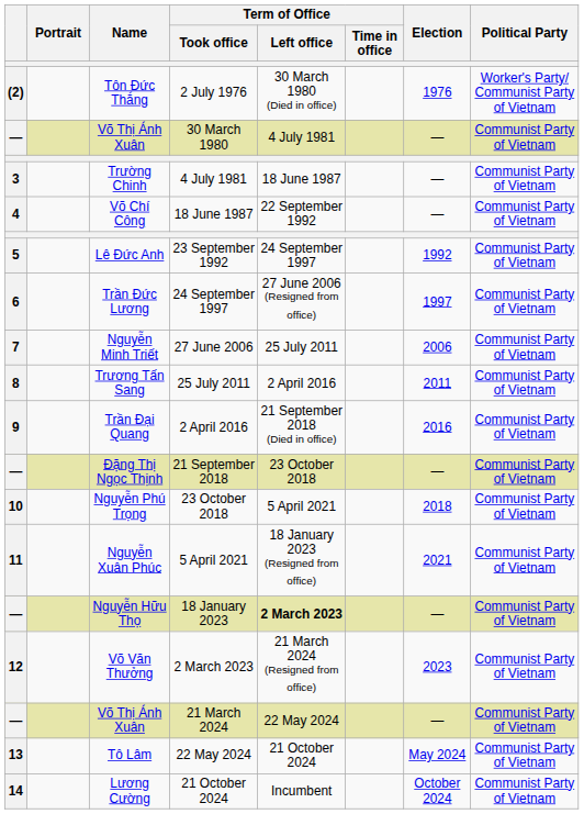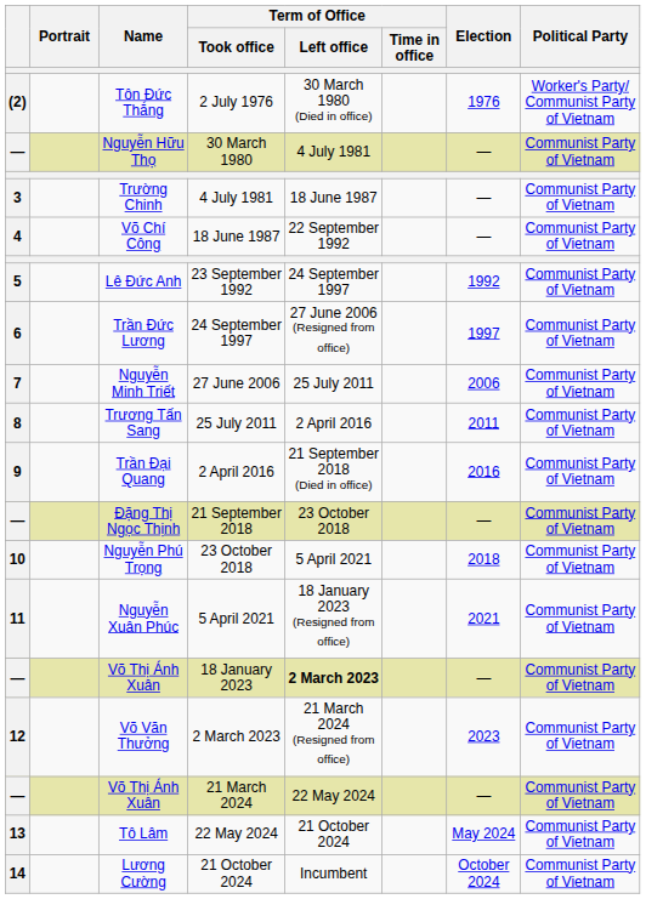 <table class="wikitable" style="text-align:center; border:1px #aaf solid; width:80%;">
 <tr>
 <th rowspan="2"></th>
 <th rowspan="2" style="width:70px;">Portrait</th>
 <th rowspan="2">Name<br></th>
 <th colspan="3">Term of Office</th>
 <th rowspan="2">Election</th>
 <th rowspan="2">Political Party</th>
 </tr>
 <tr>
 <th>Took office</th>
 <th>Left office</th>
 <th>Time in office</th>
 </tr>
 <tr>
 <th colspan=8></th>
 </tr>
 <tr>
 <th style="background:">(2)</th>
 <td></td>
 <td><a href='#'>Tôn Đức Thắng</a><br></td>
 <td>2 July 1976</td>
 <td>30 March 1980<br><sup>(Died in office)</sup></td>
 <td></td>
 <td><a href='#'>1976</a></td>
 <td><a href='#'>Worker's Party/<br>Communist Party of Vietnam</a></td>
 </tr>
 <tr style="background:#e6e6aa;"|>
 <th style="background:">—</th>
 <td></td>
-<td><a href='#'>Võ Thị Ánh Xuân</a><br></td>
+<td><a href='#'>Nguyễn Hữu Thọ</a><br></td>
 <td>30 March 1980</td>
 <td>4 July 1981</td>
 <td></td>
 <td>—</td>
 <td style="background:#e6e6aa;"><a href='#'>Communist Party of Vietnam</a></td>
 </tr>
 <tr>
 <th colspan=8></th>
 </tr>
 <tr>
 <th style="background:">3</th>
 <td></td>
 <td><a href='#'>Trường Chinh</a><br></td>
 <td>4 July 1981</td>
 <td>18 June 1987</td>
 <td></td>
 <td>—</td>
 <td><a href='#'>Communist Party of Vietnam</a></td>
 </tr>
 <tr>
 <th style="background:">4</th>
 <td></td>
 <td><a href='#'>Võ Chí Công</a><br></td>
 <td>18 June 1987</td>
 <td>22 September 1992</td>
 <td></td>
 <td>—</td>
 <td><a href='#'>Communist Party of Vietnam</a></td>
 </tr>
 <tr>
 <th colspan=8></th>
 </tr>
 <tr>
 <th style="background:">5</th>
 <td></td>
 <td><a href='#'>Lê Đức Anh</a><br></td>
 <td>23 September 1992</td>
 <td>24 September 1997</td>
 <td></td>
 <td><a href='#'>1992</a></td>
 <td><a href='#'>Communist Party of Vietnam</a></td>
 </tr>
 <tr>
 <th style="background:">6</th>
 <td></td>
 <td><a href='#'>Trần Đức Lương</a><br></td>
 <td>24 September 1997</td>
 <td>27 June 2006<br><sup>(Resigned from office)</sup></td>
 <td></td>
 <td><a href='#'>1997</a></td>
 <td><a href='#'>Communist Party of Vietnam</a></td>
 </tr>
 <tr>
 <th style="background:">7</th>
 <td></td>
 <td><a href='#'>Nguyễn Minh Triết</a><br></td>
 <td>27 June 2006</td>
 <td>25 July 2011</td>
 <td></td>
 <td><a href='#'>2006</a></td>
 <td><a href='#'>Communist Party of Vietnam</a></td>
 </tr>
 <tr>
 <th style="background:">8</th>
 <td></td>
 <td><a href='#'>Trương Tấn Sang</a><br></td>
 <td>25 July 2011</td>
 <td>2 April 2016</td>
 <td></td>
 <td><a href='#'>2011</a></td>
 <td><a href='#'>Communist Party of Vietnam</a></td>
 </tr>
 <tr>
 <th style="background:">9</th>
 <td></td>
 <td><a href='#'>Trần Đại Quang</a><br></td>
 <td>2 April 2016</td>
 <td>21 September 2018<br><sup>(Died in office)</sup></td>
 <td></td>
 <td><a href='#'>2016</a></td>
 <td><a href='#'>Communist Party of Vietnam</a></td>
 </tr>
 <tr style="background:#e6e6aa;"|>
 <th style="background:">—</th>
 <td></td>
 <td><a href='#'>Đặng Thị Ngọc Thịnh</a><br></td>
 <td>21 September 2018</td>
 <td>23 October 2018</td>
 <td></td>
 <td>—</td>
 <td><a href='#'>Communist Party of Vietnam</a></td>
 </tr>
 <tr>
 <th style="background:">10</th>
 <td></td>
 <td><a href='#'>Nguyễn Phú Trọng</a><br></td>
 <td>23 October 2018</td>
 <td>5 April 2021</td>
 <td></td>
 <td><a href='#'>2018</a></td>
 <td><a href='#'>Communist Party of Vietnam</a></td>
 </tr>
 <tr>
 <th style="background:">11</th>
 <td></td>
 <td><a href='#'>Nguyễn Xuân Phúc</a><br></td>
 <td>5 April 2021</td>
 <td>18 January 2023<br><sup>(Resigned from office)</sup></td>
 <td></td>
 <td><a href='#'>2021</a></td>
 <td><a href='#'>Communist Party of Vietnam</a></td>
 </tr>
 <tr style="background:#e6e6aa;"|>
 <th style="background:">—</th>
 <td></td>
-<td><a href='#'>Nguyễn Hữu Thọ</a><br></td>
+<td><a href='#'>Võ Thị Ánh Xuân</a><br></td>
 <td>18 January 2023</td>
 <td><strong>2 March 2023</strong></td>
 <td></td>
 <td>—</td>
 <td><a href='#'>Communist Party of Vietnam</a></td>
 </tr>
 <tr>
 <th style="background:">12</th>
 <td></td>
 <td><a href='#'>Võ Văn Thưởng</a><br> </td>
 <td>2 March 2023</td>
 <td>21 March 2024<br><sup>(Resigned from office)</sup></td>
 <td></td>
 <td><a href='#'>2023</a></td>
 <td><a href='#'>Communist Party of Vietnam</a></td>
 </tr>
 <tr style="background:#e6e6aa;"|>
 <th style="background:">—</th>
 <td></td>
 <td><a href='#'>Võ Thị Ánh Xuân</a><br></td>
 <td>21 March 2024</td>
 <td>22 May 2024</td>
 <td></td>
 <td>—</td>
 <td><a href='#'>Communist Party of Vietnam</a></td>
 </tr>
 <tr>
 <th style="background:">13</th>
 <td></td>
 <td><a href='#'>Tô Lâm</a><br></td>
 <td>22 May 2024</td>
 <td>21 October 2024</td>
 <td></td>
 <td><a href='#'>May 2024</a></td>
 <td><a href='#'>Communist Party of Vietnam</a></td>
 </tr>
 <tr>
 <th style="background:">14</th>
 <td></td>
 <td><a href='#'>Lương Cường</a><br></td>
 <td>21 October 2024</td>
 <td>Incumbent</td>
 <td></td>
 <td><a href='#'>October 2024</a></td>
 <td><a href='#'>Communist Party of Vietnam</a></td>
 </tr>
 </table>
